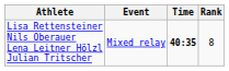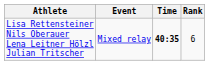 <table class="wikitable" style="font-size:90%">
 <tr>
 <th>Athlete</th>
 <th>Event</th>
 <th>Time</th>
 <th>Rank</th>
 </tr>
 <tr align=center>
 <td align=left><a href='#'>Lisa Rettensteiner</a><br><a href='#'>Nils Oberauer</a><br><a href='#'>Lena Leitner Hölzl</a><br><a href='#'>Julian Tritscher</a></td>
 <td align=left><a href='#'>Mixed relay</a></td>
 <td><strong>40:35</strong></td>
-<td>8</td>
+<td>6</td>
 </tr>
 </table>
